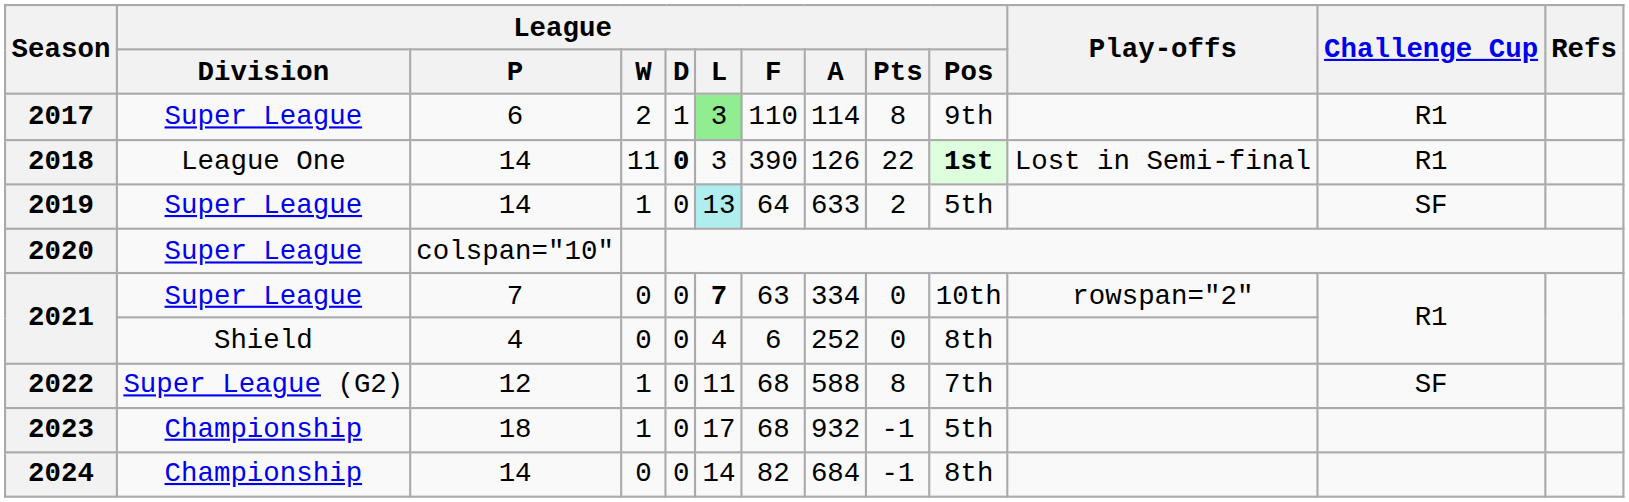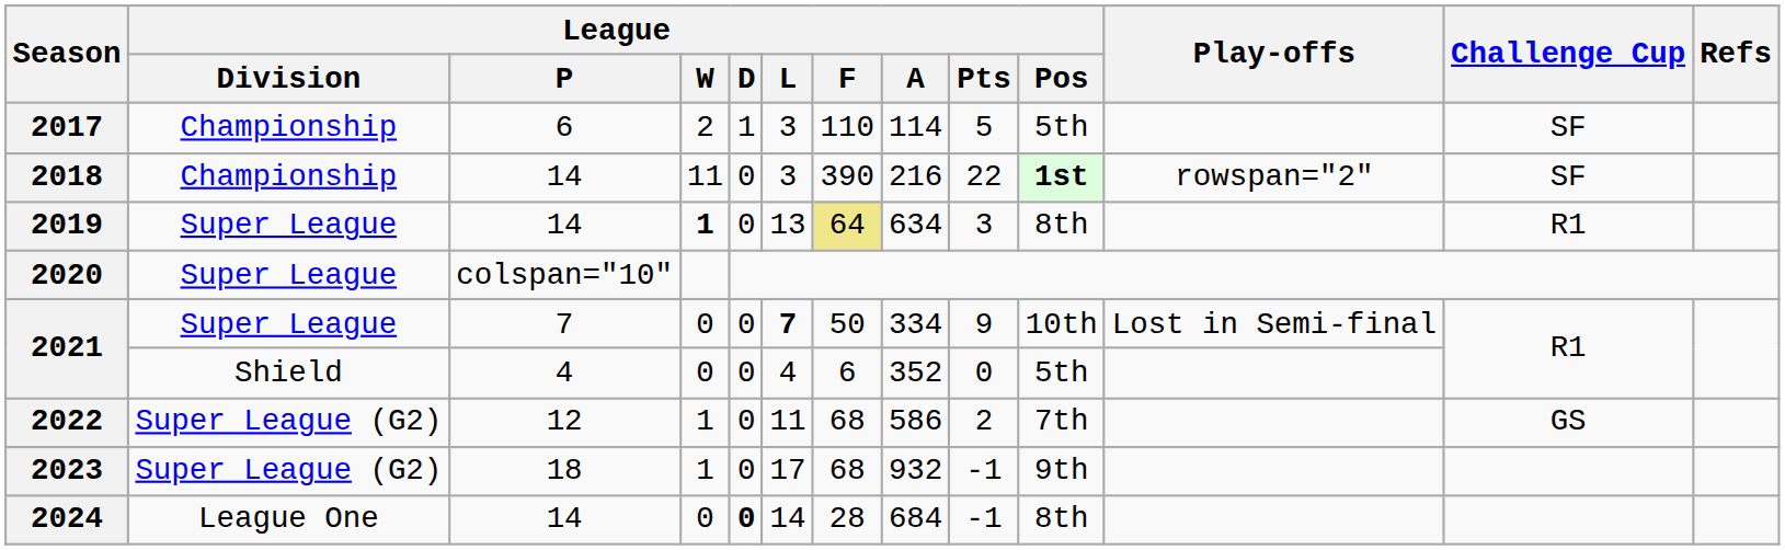 <table class="wikitable" style="text-align: center">
 <tr>
 <th rowspan="2" scope="col">Season</th>
 <th colspan="9" scope="col">League</th>
 <th rowspan="2" scope="col">Play-offs</th>
 <th rowspan="2" scope="col"><a href='#'>Challenge Cup</a></th>
 <th rowspan="2" scope="col">Refs</th>
 </tr>
 <tr>
 <th scope="col">Division</th>
 <th scope="col">P</th>
 <th scope="col">W</th>
 <th scope="col">D</th>
 <th scope="col">L</th>
 <th scope="col">F</th>
 <th scope="col">A</th>
 <th scope="col">Pts</th>
 <th scope="col">Pos</th>
 </tr>
 <tr>
 <th scope="row">2017</th>
-<td><a href='#'>Super League</a></td>
+<td><a href='#'>Championship</a></td>
 <td>6</td>
 <td>2</td>
 <td>1</td>
-<td style="background: lightgreen;">3</td>
+<td>3</td>
 <td>110</td>
 <td>114</td>
-<td>8</td>
-<td>9th</td>
+<td>5</td>
+<td>5th</td>
 <td></td>
-<td>R1</td>
+<td>SF</td>
 <td></td>
 </tr>
 <tr>
 <th scope="row">2018</th>
-<td>League One</td>
+<td><a href='#'>Championship</a></td>
 <td>14</td>
 <td>11</td>
-<td><strong>0</strong></td>
+<td>0</td>
 <td>3</td>
 <td>390</td>
-<td>126</td>
+<td>216</td>
 <td>22</td>
 <td style="background:#ddffdd;"><strong>1st</strong></td>
-<td>Lost in Semi-final</td>
-<td>R1</td>
+<td>rowspan="2" </td>
+<td>SF</td>
 <td></td>
 </tr>
 <tr>
 <th scope="row">2019</th>
 <td><a href='#'>Super League</a></td>
 <td>14</td>
-<td>1</td>
+<td><strong>1</strong></td>
 <td>0</td>
-<td style="background: paleturquoise;">13</td>
-<td>64</td>
-<td>633</td>
-<td>2</td>
-<td>5th</td>
+<td>13</td>
+<td style="background: khaki;">64</td>
+<td>634</td>
+<td>3</td>
+<td>8th</td>
 <td></td>
-<td>SF</td>
+<td>R1</td>
 <td></td>
 </tr>
 <tr>
 <th scope="row">2020</th>
 <td><a href='#'>Super League</a></td>
 <td>colspan="10"</td>
 <td></td>
 </tr>
 <tr>
 <th scope="row" rowspan="2">2021</th>
 <td><a href='#'>Super League</a></td>
 <td>7</td>
 <td>0</td>
 <td>0</td>
 <td><strong>7</strong></td>
-<td>63</td>
+<td>50</td>
 <td>334</td>
-<td>0</td>
+<td>9</td>
 <td>10th</td>
-<td>rowspan="2" </td>
+<td>Lost in Semi-final</td>
 <td rowspan="2">R1</td>
 <td rowspan="2"></td>
 </tr>
 <tr>
 <td>Shield</td>
 <td>4</td>
 <td>0</td>
 <td>0</td>
 <td>4</td>
 <td>6</td>
-<td>252</td>
+<td>352</td>
 <td>0</td>
-<td>8th</td>
+<td>5th</td>
 </tr>
 <tr>
 <th scope="row">2022</th>
 <td><a href='#'>Super League</a> (G2)</td>
 <td>12</td>
 <td>1</td>
 <td>0</td>
 <td>11</td>
 <td>68</td>
-<td>588</td>
-<td>8</td>
+<td>586</td>
+<td>2</td>
 <td>7th</td>
 <td></td>
-<td>SF</td>
+<td>GS</td>
 <td></td>
 </tr>
 <tr>
 <th scope="row">2023</th>
-<td><a href='#'>Championship</a></td>
+<td><a href='#'>Super League</a> (G2)</td>
 <td>18</td>
 <td>1</td>
 <td>0</td>
 <td>17</td>
 <td>68</td>
 <td>932</td>
 <td>-1</td>
-<td>5th</td>
+<td>9th</td>
 <td></td>
 <td></td>
 <td></td>
 </tr>
 <tr>
 <th scope="row">2024</th>
-<td><a href='#'>Championship</a></td>
+<td>League One</td>
 <td>14</td>
 <td>0</td>
-<td>0</td>
+<td><strong>0</strong></td>
 <td>14</td>
-<td>82</td>
+<td>28</td>
 <td>684</td>
 <td>-1</td>
 <td>8th</td>
 <td></td>
 <td></td>
 <td></td>
 </tr>
 </table>
